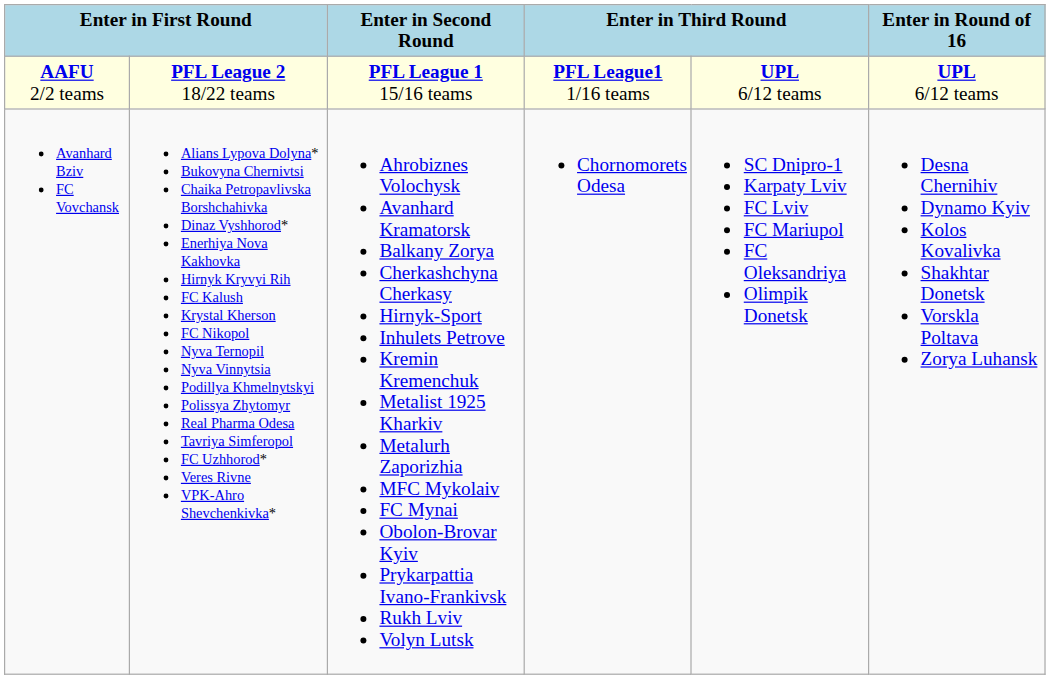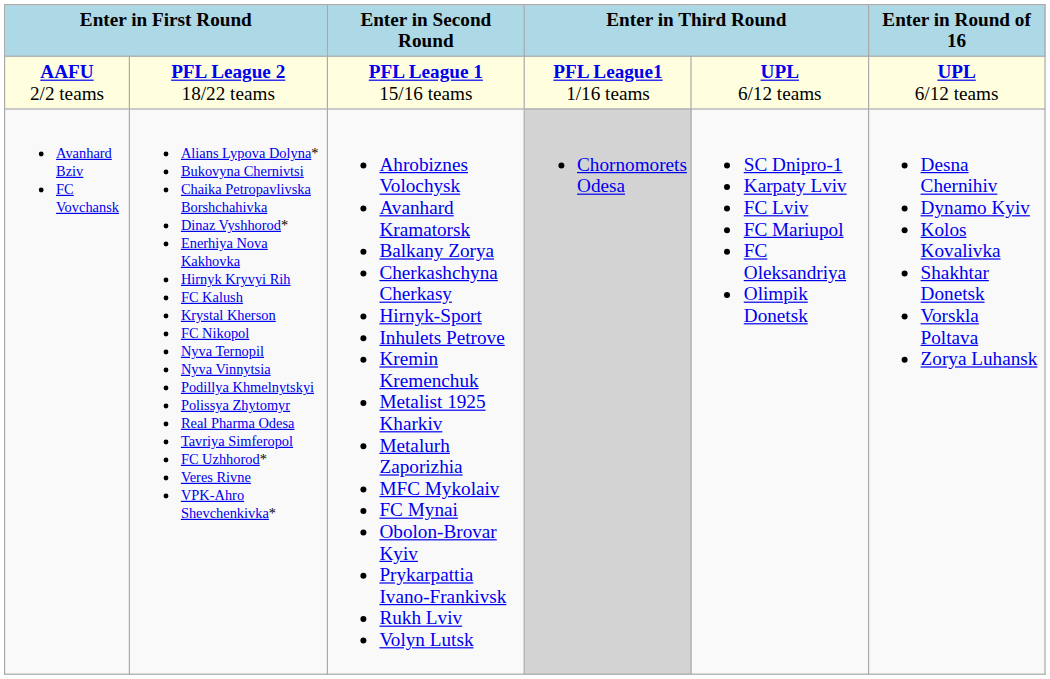 <table class="wikitable">
 <tr style="vertical-align:top; background:lightblue; text-align:center;">
 <td colspan="2" style="width:29%;"><strong>Enter in First Round</strong></td>
 <td style="width:19%;"><strong>Enter in Second Round</strong></td>
 <td colspan="2" style="width:35%;"><strong>Enter in Third Round</strong></td>
 <td style="width:17%;"><strong>Enter in Round of 16</strong></td>
 </tr>
 <tr style="vertical-align:top; background:lightyellow;">
 <td style="text-align:center; width:12%;"><strong><a href='#'>AAFU</a></strong><br>2/2 teams</td>
 <td style="text-align:center; width:19%;"><strong><a href='#'>PFL League 2</a></strong><br>18/22 teams</td>
 <td style="text-align:center; width:19%;"><strong><a href='#'>PFL League 1</a></strong><br>15/16 teams</td>
 <td style="text-align:center; width:16%;"><strong><a href='#'>PFL League1</a></strong><br>1/16 teams</td>
 <td style="text-align:center; width:17%;"><strong><a href='#'>UPL</a></strong><br> 6/12 teams</td>
 <td style="text-align:center; width:16%;"><strong><a href='#'>UPL</a></strong><br> 6/12 teams</td>
 </tr>
 <tr valign="top">
 <td style="font-size: 75%;"><br><ul><li><a href='#'>Avanhard Bziv</a></li><li><a href='#'>FC Vovchansk</a></li></ul></td>
 <td style="font-size: 75%;"><br><ul><li><a href='#'>Alians Lypova Dolyna</a>*</li><li><a href='#'>Bukovyna Chernivtsi</a></li><li><a href='#'>Chaika Petropavlivska Borshchahivka</a></li><li><a href='#'>Dinaz Vyshhorod</a>*</li><li><a href='#'>Enerhiya Nova Kakhovka</a></li><li><a href='#'>Hirnyk Kryvyi Rih</a></li><li><a href='#'>FC Kalush</a></li><li><a href='#'>Krystal Kherson</a></li><li><a href='#'>FC Nikopol</a></li><li><a href='#'>Nyva Ternopil</a></li><li><a href='#'>Nyva Vinnytsia</a></li><li><a href='#'>Podillya Khmelnytskyi</a></li><li><a href='#'>Polissya Zhytomyr</a></li><li><a href='#'>Real Pharma Odesa</a></li><li><a href='#'>Tavriya Simferopol</a></li><li><a href='#'>FC Uzhhorod</a>*</li><li><a href='#'>Veres Rivne</a></li><li><a href='#'>VPK-Ahro Shevchenkivka</a>*</li></ul></td>
 <td><br><ul><li><a href='#'>Ahrobiznes Volochysk</a></li><li><a href='#'>Avanhard Kramatorsk</a></li><li><a href='#'>Balkany Zorya</a></li><li><a href='#'>Cherkashchyna Cherkasy</a></li><li><a href='#'>Hirnyk-Sport</a></li><li><a href='#'>Inhulets Petrove</a></li><li><a href='#'>Kremin Kremenchuk</a></li><li><a href='#'>Metalist 1925 Kharkiv</a></li><li><a href='#'>Metalurh Zaporizhia</a></li><li><a href='#'>MFC Mykolaiv</a></li><li><a href='#'>FC Mynai</a></li><li><a href='#'>Obolon-Brovar Kyiv</a></li><li><a href='#'>Prykarpattia Ivano-Frankivsk</a></li><li><a href='#'>Rukh Lviv</a></li><li><a href='#'>Volyn Lutsk</a></li></ul></td>
-<td><br><ul><li><a href='#'>Chornomorets Odesa</a></li></ul></td>
+<td style="background: lightgrey;"><br><ul><li><a href='#'>Chornomorets Odesa</a></li></ul></td>
 <td><br><ul><li><a href='#'>SC Dnipro-1</a></li><li><a href='#'>Karpaty Lviv</a></li><li><a href='#'>FC Lviv</a></li><li><a href='#'>FC Mariupol</a></li><li><a href='#'>FC Oleksandriya</a></li><li><a href='#'>Olimpik Donetsk</a></li></ul></td>
 <td><br><ul><li><a href='#'>Desna Chernihiv</a></li><li><a href='#'>Dynamo Kyiv</a></li><li><a href='#'>Kolos Kovalivka</a></li><li><a href='#'>Shakhtar Donetsk</a></li><li><a href='#'>Vorskla Poltava</a></li><li><a href='#'>Zorya Luhansk</a></li></ul></td>
 </tr>
 </table>
